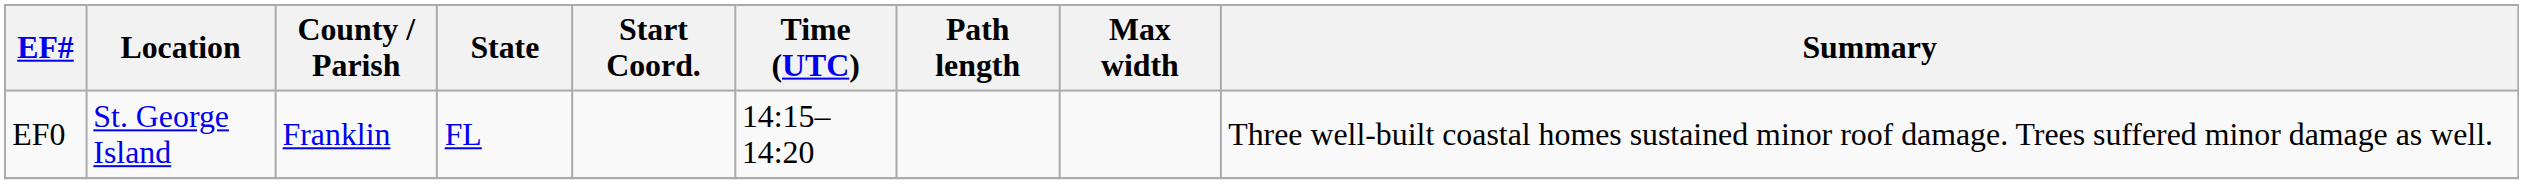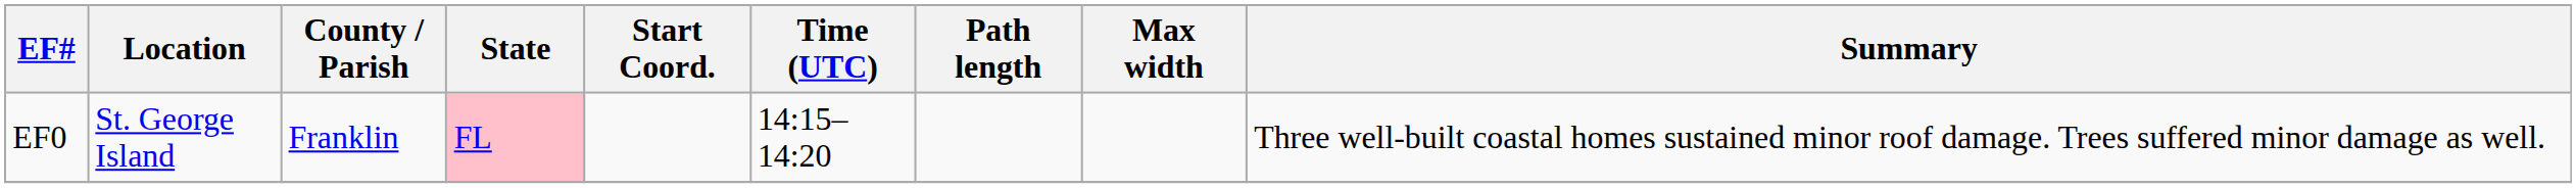 <table class="wikitable sortable" style="width:100%;">
 <tr>
 <th scope="col"  style="width:3%; text-align:center;"><a href='#'>EF#</a></th>
 <th scope="col"  style="width:7%; text-align:center;" class="unsortable">Location</th>
 <th scope="col"  style="width:6%; text-align:center;" class="unsortable">County / Parish</th>
 <th scope="col"  style="width:5%; text-align:center;">State</th>
 <th scope="col"  style="width:6%; text-align:center;">Start Coord.</th>
 <th scope="col"  style="width:6%; text-align:center;">Time (<a href='#'>UTC</a>)</th>
 <th scope="col"  style="width:6%; text-align:center;">Path length</th>
 <th scope="col"  style="width:6%; text-align:center;">Max width</th>
 <th scope="col" class="unsortable" style="width:48%; text-align:center;">Summary</th>
 </tr>
 <tr>
 <td>EF0</td>
 <td><a href='#'>St. George Island</a></td>
 <td><a href='#'>Franklin</a></td>
-<td><a href='#'>FL</a></td>
+<td style="background: pink;"><a href='#'>FL</a></td>
 <td></td>
 <td>14:15–14:20</td>
 <td></td>
 <td></td>
 <td>Three well-built coastal homes sustained minor roof damage. Trees suffered minor damage as well.</td>
 </tr>
 <tr>
 </tr>
 </table>
